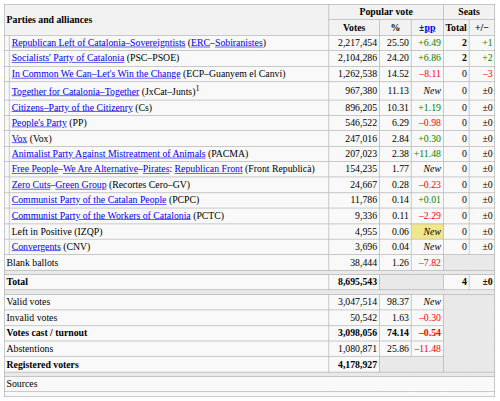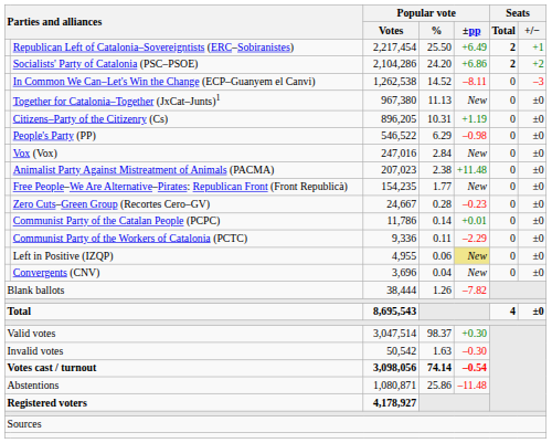 <table class="wikitable" style="text-align:right;">
 <tr>
 <th style="text-align:left;" rowspan="2" colspan="2" width="525">Parties and alliances</th>
 <th colspan="3">Popular vote</th>
 <th colspan="2">Seats</th>
 </tr>
 <tr>
 <th width="75">Votes</th>
 <th width="45">%</th>
 <th width="45">±<a href='#'>pp</a></th>
 <th width="35">Total</th>
 <th width="35">+/−</th>
 </tr>
 <tr>
 <td width="1" style="color:inherit;background:"></td>
 <td align="left"><a href='#'>Republican Left of Catalonia–Sovereigntists</a> (<a href='#'>ERC</a>–<a href='#'>Sobiranistes</a>)</td>
 <td>2,217,454</td>
 <td>25.50</td>
 <td style="color:green;">+6.49</td>
 <td><strong>2</strong></td>
 <td style="color:green;">+1</td>
 </tr>
 <tr>
 <td style="color:inherit;background:"></td>
 <td align="left"><a href='#'>Socialists' Party of Catalonia</a> (PSC–PSOE)</td>
 <td>2,104,286</td>
 <td>24.20</td>
 <td style="color:green;">+6.86</td>
 <td><strong>2</strong></td>
 <td style="color:green;">+2</td>
 </tr>
 <tr>
 <td style="color:inherit;background:"></td>
 <td align="left"><a href='#'>In Common We Can–Let's Win the Change</a> (ECP–Guanyem el Canvi)</td>
 <td>1,262,538</td>
 <td>14.52</td>
 <td style="color:red;">–8.11</td>
 <td>0</td>
 <td style="color:red;">–3</td>
 </tr>
 <tr>
 <td style="color:inherit;background:"></td>
 <td align="left"><a href='#'>Together for Catalonia–Together</a> (JxCat–Junts)<sup>1</sup></td>
 <td>967,380</td>
 <td>11.13</td>
 <td><em>New</em></td>
 <td>0</td>
 <td>±0</td>
 </tr>
 <tr>
 <td style="color:inherit;background:"></td>
 <td align="left"><a href='#'>Citizens–Party of the Citizenry</a> (Cs)</td>
 <td>896,205</td>
 <td>10.31</td>
 <td style="color:green;">+1.19</td>
 <td>0</td>
 <td>±0</td>
 </tr>
 <tr>
 <td style="color:inherit;background:"></td>
 <td align="left"><a href='#'>People's Party</a> (PP)</td>
 <td>546,522</td>
 <td>6.29</td>
 <td style="color:red;">–0.98</td>
 <td>0</td>
 <td>±0</td>
 </tr>
 <tr>
 <td style="color:inherit;background:"></td>
 <td align="left"><a href='#'>Vox</a> (Vox)</td>
 <td>247,016</td>
 <td>2.84</td>
-<td style="color:green;">+0.30</td>
+<td><em>New</em></td>
 <td>0</td>
 <td>±0</td>
 </tr>
 <tr>
 <td style="color:inherit;background:"></td>
 <td align="left"><a href='#'>Animalist Party Against Mistreatment of Animals</a> (PACMA)</td>
 <td>207,023</td>
 <td>2.38</td>
 <td style="color:green;">+11.48</td>
 <td>0</td>
 <td>±0</td>
 </tr>
 <tr>
 <td style="color:inherit;background:"></td>
 <td align="left"><a href='#'>Free People</a>–<a href='#'>We Are Alternative</a>–<a href='#'>Pirates</a>: <a href='#'>Republican Front</a> (Front Republicà)</td>
 <td>154,235</td>
 <td>1.77</td>
 <td><em>New</em></td>
 <td>0</td>
 <td>±0</td>
 </tr>
 <tr>
 <td style="color:inherit;background:"></td>
 <td align="left"><a href='#'>Zero Cuts</a>–<a href='#'>Green Group</a> (Recortes Cero–GV)</td>
 <td>24,667</td>
 <td>0.28</td>
 <td style="color:red;">–0.23</td>
 <td>0</td>
 <td>±0</td>
 </tr>
 <tr>
 <td style="color:inherit;background:"></td>
 <td align="left"><a href='#'>Communist Party of the Catalan People</a> (PCPC)</td>
 <td>11,786</td>
 <td>0.14</td>
 <td style="color:green;">+0.01</td>
 <td>0</td>
 <td>±0</td>
 </tr>
 <tr>
 <td style="color:inherit;background:"></td>
 <td align="left"><a href='#'>Communist Party of the Workers of Catalonia</a> (PCTC)</td>
 <td>9,336</td>
 <td>0.11</td>
 <td style="color:red;">–2.29</td>
 <td>0</td>
 <td>±0</td>
 </tr>
 <tr>
 <td style="color:inherit;background:"></td>
 <td align="left">Left in Positive (IZQP)</td>
 <td>4,955</td>
 <td>0.06</td>
 <td style="background: khaki;"><em>New</em></td>
 <td>0</td>
 <td>±0</td>
 </tr>
 <tr>
 <td style="color:inherit;background:"></td>
 <td align="left"><a href='#'>Convergents</a> (CNV)</td>
 <td>3,696</td>
 <td>0.04</td>
 <td><em>New</em></td>
 <td>0</td>
 <td>±0</td>
 </tr>
 <tr>
 <td align="left" colspan="2">Blank ballots</td>
 <td>38,444</td>
 <td>1.26</td>
 <td style="color:red;">–7.82</td>
 <td bgcolor="#E9E9E9" colspan="2"></td>
 </tr>
 <tr>
 <td colspan="7" bgcolor="#E9E9E9"></td>
 </tr>
 <tr style="font-weight:bold;">
 <td align="left" colspan="2">Total</td>
 <td>8,695,543</td>
 <td bgcolor="#E9E9E9" colspan="2"></td>
 <td>4</td>
 <td>±0</td>
 </tr>
 <tr>
 <td colspan="7" bgcolor="#E9E9E9"></td>
 </tr>
 <tr>
 <td align="left" colspan="2">Valid votes</td>
 <td>3,047,514</td>
 <td>98.37</td>
-<td><em>New</em></td>
+<td style="color:green;">+0.30</td>
 <td bgcolor="#E9E9E9" colspan="2" rowspan="5"></td>
 </tr>
 <tr>
 <td align="left" colspan="2">Invalid votes</td>
 <td>50,542</td>
 <td>1.63</td>
 <td style="color:red;">–0.30</td>
 </tr>
 <tr style="font-weight:bold;">
 <td align="left" colspan="2">Votes cast / turnout</td>
 <td>3,098,056</td>
 <td>74.14</td>
 <td style="color:red;">–0.54</td>
 </tr>
 <tr>
 <td align="left" colspan="2">Abstentions</td>
 <td>1,080,871</td>
 <td>25.86</td>
 <td style="color:red;">–11.48</td>
 </tr>
 <tr style="font-weight:bold;">
 <td align="left" colspan="2">Registered voters</td>
 <td>4,178,927</td>
 <td bgcolor="#E9E9E9" colspan="2"></td>
 </tr>
 <tr>
 <td colspan="7" bgcolor="#E9E9E9"></td>
 </tr>
 <tr>
 <td align="left" colspan="7">Sources</td>
 </tr>
 <tr>
 <td colspan="7" style="text-align:left; max-width:790px;"></td>
 </tr>
 </table>
